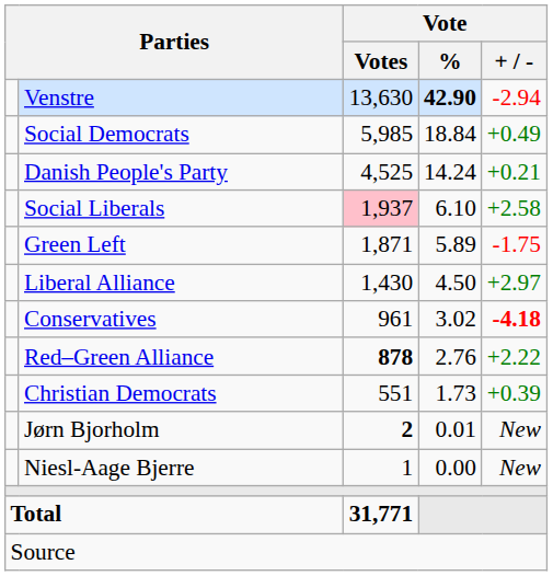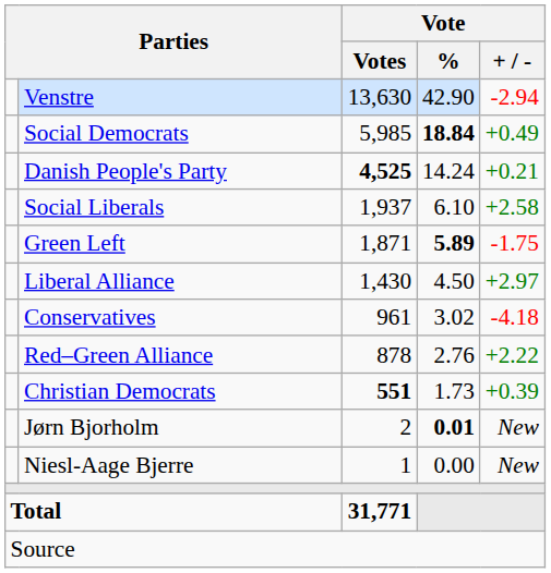 <table class="wikitable" style="text-align:right;">
 <tr>
 <th style="text-align:centre;" rowspan="2" colspan="2" width="225">Parties</th>
 <th colspan="3">Vote</th>
 </tr>
 <tr>
 <th width="15">Votes</th>
 <th width="15">%</th>
 <th width="15">+ / -</th>
 </tr>
 <tr>
 <td width="2" style="color:inherit;background:"></td>
 <td bgcolor=#cfe5fe  align="left"><a href='#'>Venstre</a></td>
 <td bgcolor=#cfe5fe>13,630</td>
-<td bgcolor=#cfe5fe><strong>42.90</strong></td>
+<td bgcolor=#cfe5fe>42.90</td>
 <td style=color:red;>-2.94</td>
 </tr>
 <tr>
 <td width="2" style="color:inherit;background:"></td>
 <td align="left"><a href='#'>Social Democrats</a></td>
 <td>5,985</td>
-<td>18.84</td>
+<td><strong>18.84</strong></td>
 <td style=color:green;>+0.49</td>
 </tr>
 <tr>
 <td width="2" style="color:inherit;background:"></td>
 <td align="left"><a href='#'>Danish People's Party</a></td>
-<td>4,525</td>
+<td><strong>4,525</strong></td>
 <td>14.24</td>
 <td style=color:green;>+0.21</td>
 </tr>
 <tr>
 <td width="2" style="color:inherit;background:"></td>
 <td align="left"><a href='#'>Social Liberals</a></td>
-<td style="background: pink;">1,937</td>
+<td>1,937</td>
 <td>6.10</td>
 <td style=color:green;>+2.58</td>
 </tr>
 <tr>
 <td width="2" style="color:inherit;background:"></td>
 <td align="left"><a href='#'>Green Left</a></td>
 <td>1,871</td>
-<td>5.89</td>
+<td><strong>5.89</strong></td>
 <td style=color:red;>-1.75</td>
 </tr>
 <tr>
 <td width="2" style="color:inherit;background:"></td>
 <td align="left"><a href='#'>Liberal Alliance</a></td>
 <td>1,430</td>
 <td>4.50</td>
 <td style=color:green;>+2.97</td>
 </tr>
 <tr>
 <td width="2" style="color:inherit;background:"></td>
 <td align="left"><a href='#'>Conservatives</a></td>
 <td>961</td>
 <td>3.02</td>
-<td style=color:red;><strong>-4.18</strong></td>
+<td style=color:red;>-4.18</td>
 </tr>
 <tr>
 <td width="2" style="color:inherit;background:"></td>
 <td align="left"><a href='#'>Red–Green Alliance</a></td>
-<td><strong>878</strong></td>
+<td>878</td>
 <td>2.76</td>
 <td style=color:green;>+2.22</td>
 </tr>
 <tr>
 <td width="2" style="color:inherit;background:"></td>
 <td align="left"><a href='#'>Christian Democrats</a></td>
-<td>551</td>
+<td><strong>551</strong></td>
 <td>1.73</td>
 <td style=color:green;>+0.39</td>
 </tr>
 <tr>
 <td width="2" style="color:inherit;background:"></td>
 <td align="left">Jørn Bjorholm</td>
-<td><strong>2</strong></td>
-<td>0.01</td>
+<td>2</td>
+<td><strong>0.01</strong></td>
 <td><em>New</em></td>
 </tr>
 <tr>
 <td width="2" style="color:inherit;background:"></td>
 <td align="left">Niesl-Aage Bjerre</td>
 <td>1</td>
 <td>0.00</td>
 <td><em>New</em></td>
 </tr>
 <tr>
 <td colspan="7" bgcolor="#E9E9E9"></td>
 </tr>
 <tr>
 <td align="left" colspan="2"><strong>Total</strong></td>
 <td><strong>31,771</strong></td>
 <td bgcolor="#E9E9E9" colspan="2"></td>
 </tr>
 <tr>
 <td align="left" colspan="6">Source</td>
 </tr>
 </table>
